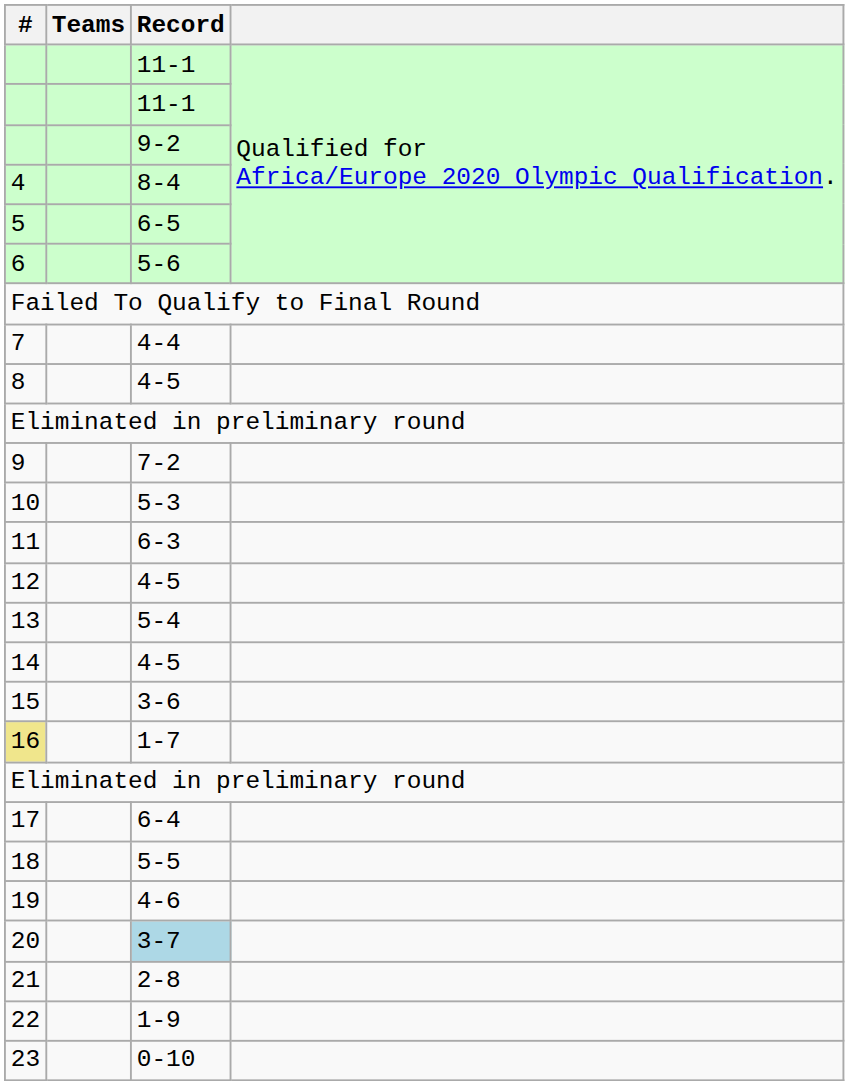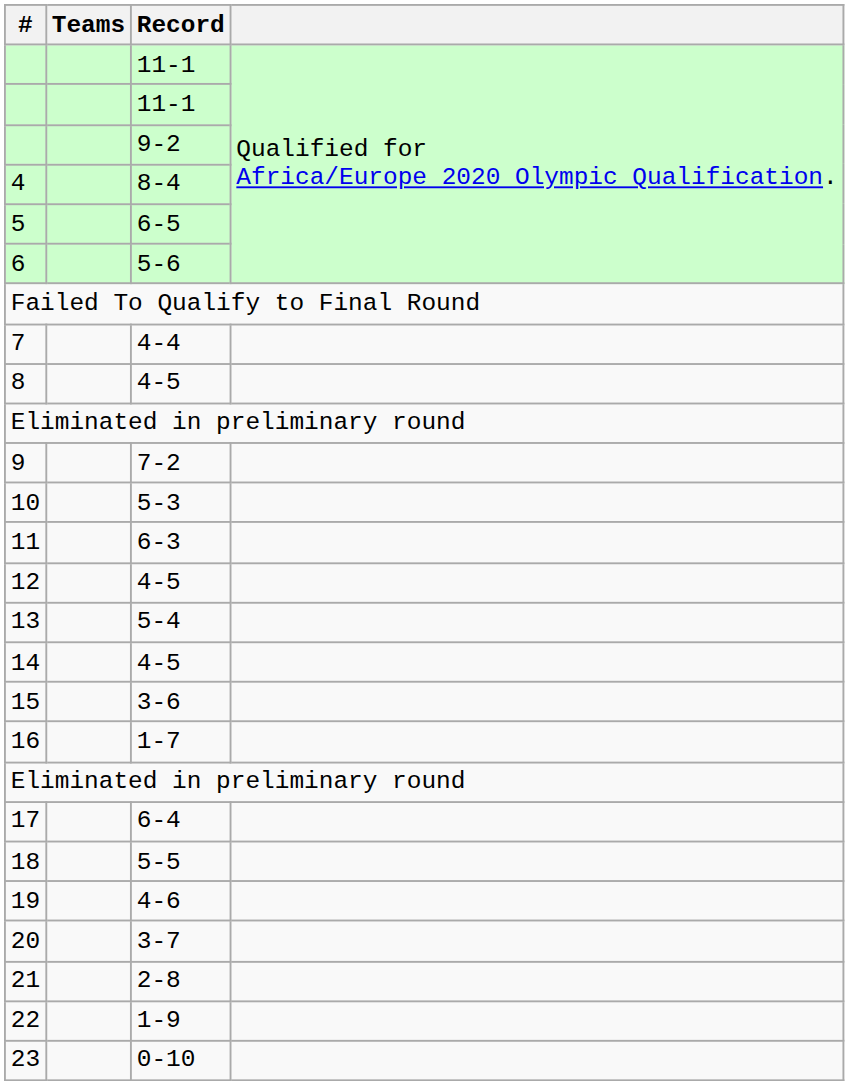 <table class="wikitable">
 <tr>
 <th>#</th>
 <th>Teams</th>
 <th>Record</th>
 <th></th>
 </tr>
 <tr bgcolor=ccffcc>
 <td></td>
 <td></td>
 <td>11-1</td>
 <td rowspan="6">Qualified for<br><a href='#'>Africa/Europe 2020 Olympic Qualification</a>.</td>
 </tr>
 <tr bgcolor=ccffcc>
 <td></td>
 <td></td>
 <td>11-1</td>
 </tr>
 <tr bgcolor=ccffcc>
 <td></td>
 <td></td>
 <td>9-2</td>
 </tr>
 <tr bgcolor=ccffcc>
 <td>4</td>
 <td></td>
 <td>8-4</td>
 </tr>
 <tr bgcolor=ccffcc>
 <td>5</td>
 <td></td>
 <td>6-5</td>
 </tr>
 <tr bgcolor=ccffcc>
 <td>6</td>
 <td></td>
 <td>5-6</td>
 </tr>
 <tr>
 <td colspan="4">Failed To Qualify to Final Round</td>
 </tr>
 <tr>
 <td>7</td>
 <td></td>
 <td>4-4</td>
 <td></td>
 </tr>
 <tr>
 <td>8</td>
 <td></td>
 <td>4-5</td>
 <td></td>
 </tr>
 <tr>
 <td colspan="4">Eliminated in preliminary round</td>
 </tr>
 <tr>
 <td>9</td>
 <td></td>
 <td>7-2</td>
 <td></td>
 </tr>
 <tr>
 <td>10</td>
 <td></td>
 <td>5-3</td>
 <td></td>
 </tr>
 <tr>
 <td>11</td>
 <td></td>
 <td>6-3</td>
 <td></td>
 </tr>
 <tr>
 <td>12</td>
 <td></td>
 <td>4-5</td>
 <td></td>
 </tr>
 <tr>
 <td>13</td>
 <td></td>
 <td>5-4</td>
 <td></td>
 </tr>
 <tr>
 <td>14</td>
 <td></td>
 <td>4-5</td>
 <td></td>
 </tr>
 <tr>
 <td>15</td>
 <td></td>
 <td>3-6</td>
 <td></td>
 </tr>
 <tr>
-<td style="background: khaki;">16</td>
+<td>16</td>
 <td></td>
 <td>1-7</td>
 <td></td>
 </tr>
 <tr>
 <td colspan="4">Eliminated in preliminary round</td>
 </tr>
 <tr>
 <td>17</td>
 <td></td>
 <td>6-4</td>
 <td></td>
 </tr>
 <tr>
 <td>18</td>
 <td></td>
 <td>5-5</td>
 <td></td>
 </tr>
 <tr>
 <td>19</td>
 <td></td>
 <td>4-6</td>
 <td></td>
 </tr>
 <tr>
 <td>20</td>
 <td></td>
-<td style="background: lightblue;">3-7</td>
+<td>3-7</td>
 <td></td>
 </tr>
 <tr>
 <td>21</td>
 <td></td>
 <td>2-8</td>
 <td></td>
 </tr>
 <tr>
 <td>22</td>
 <td></td>
 <td>1-9</td>
 <td></td>
 </tr>
 <tr>
 <td>23</td>
 <td></td>
 <td>0-10</td>
 <td></td>
 </tr>
 </table>
